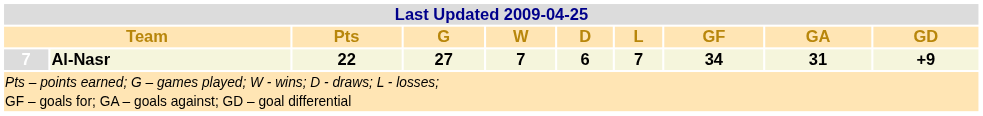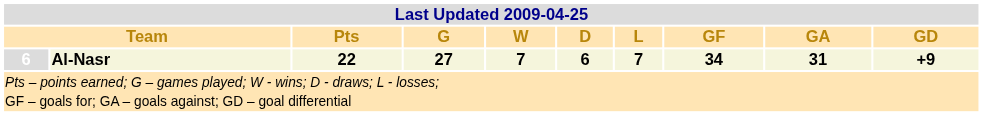 <table width=60%>
 <tr>
 <th colspan="10" bgcolor=#DCDCDC style="color:#00008B;">Last Updated 2009-04-25</th>
 </tr>
 <tr>
 <th colspan="2" bgcolor=#ffe5b4 style="color:#B8860B;">Team</th>
 <th bgcolor=#ffe5b4 align="center" style="color:#B8860B;">Pts</th>
 <th bgcolor=#ffe5b4 align="center" style="color:#B8860B;">G</th>
 <th bgcolor=#ffe5b4 align="center" style="color:#B8860B;">W</th>
 <th bgcolor=#ffe5b4 align="center" style="color:#B8860B;">D</th>
 <th bgcolor=#ffe5b4 align="center" style="color:#B8860B;">L</th>
 <th bgcolor=#ffe5b4 align="center" style="color:#B8860B;">GF</th>
 <th bgcolor=#ffe5b4 align="center" style="color:#B8860B;">GA</th>
 <th bgcolor=#ffe5b4 align="center" style="color:#B8860B;">GD</th>
 </tr>
 <tr>
-<th bgcolor=#DCDCDC align="center" style="color:white;">7</th>
+<th bgcolor=#DCDCDC align="center" style="color:white;">6</th>
 <td bgcolor=#f5f5dc><strong>Al-Nasr</strong></td>
 <td bgcolor=#f5f5dc align="center"><strong>22</strong></td>
 <td bgcolor=#f5f5dc align="center"><strong>27</strong></td>
 <td bgcolor=#f5f5dc align="center"><strong>7</strong></td>
 <td bgcolor=#f5f5dc align="center"><strong>6</strong></td>
 <td bgcolor=#f5f5dc align="center"><strong>7</strong></td>
 <td bgcolor=#f5f5dc align="center"><strong>34</strong></td>
 <td bgcolor=#f5f5dc align="center"><strong>31</strong></td>
 <td bgcolor=#f5f5dc align="center"><strong>+9</strong></td>
 </tr>
 <tr bgcolor=#ffe5b4>
 <td colspan="10"><small><em>Pts – points earned; G – games played; W - wins; D - draws; L - losses;<br></em>GF – goals for; GA – goals against; GD – goal differential</small></td>
 </tr>
 </table>
